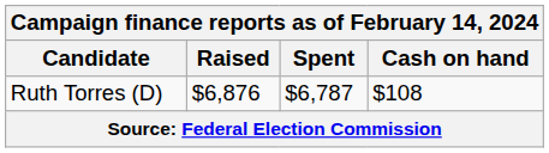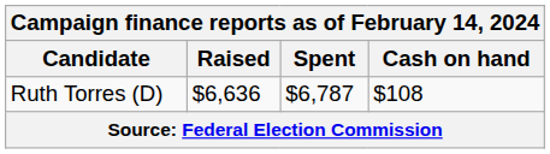 <table class="wikitable sortable">
 <tr>
 <th colspan=4>Campaign finance reports as of February 14, 2024</th>
 </tr>
 <tr style="text-align:center;">
 <th>Candidate</th>
 <th>Raised</th>
 <th>Spent</th>
 <th>Cash on hand</th>
 </tr>
 <tr>
 <td style="color:black;background-color:">Ruth Torres (D)</td>
-<td>$6,876</td>
+<td>$6,636</td>
 <td>$6,787</td>
 <td>$108</td>
 </tr>
 <tr>
 <th colspan="4"><small>Source: <a href='#'>Federal Election Commission</a></small></th>
 </tr>
 </table>
